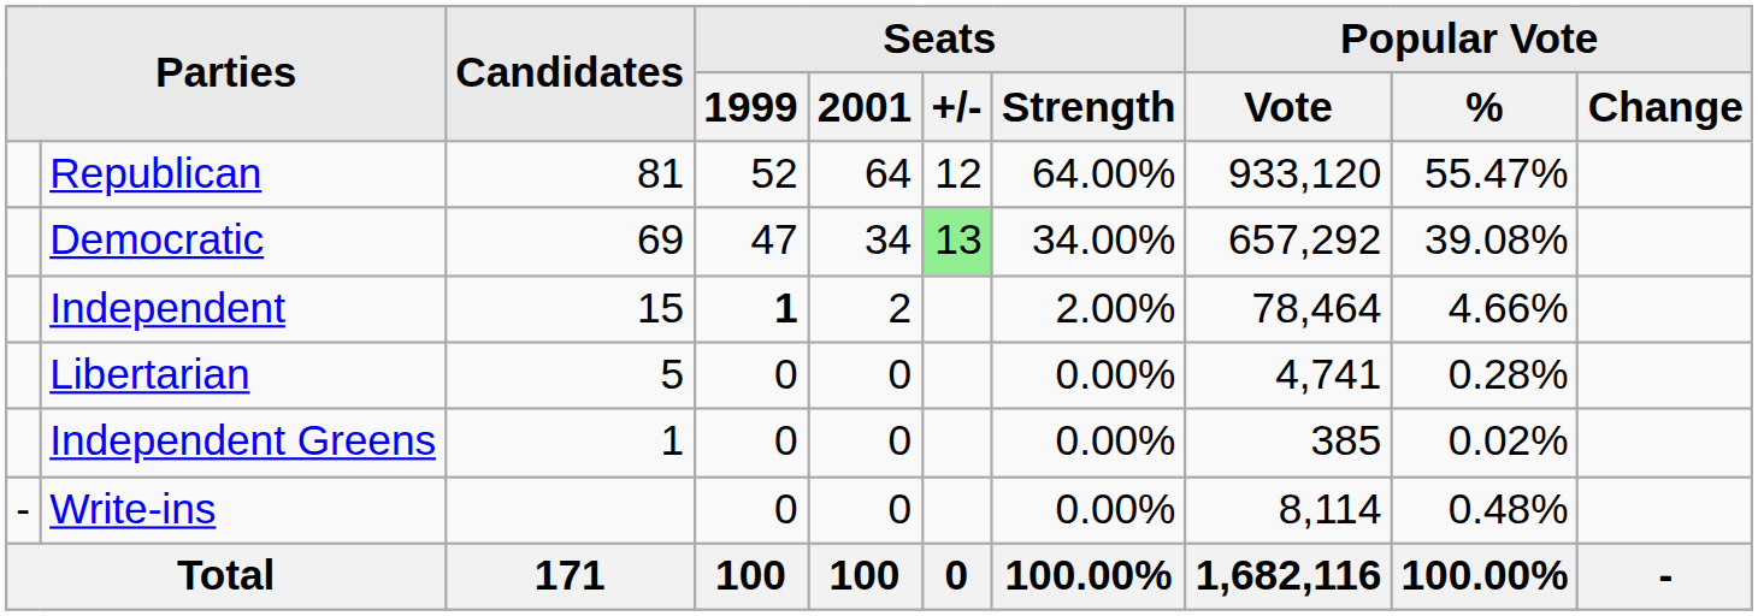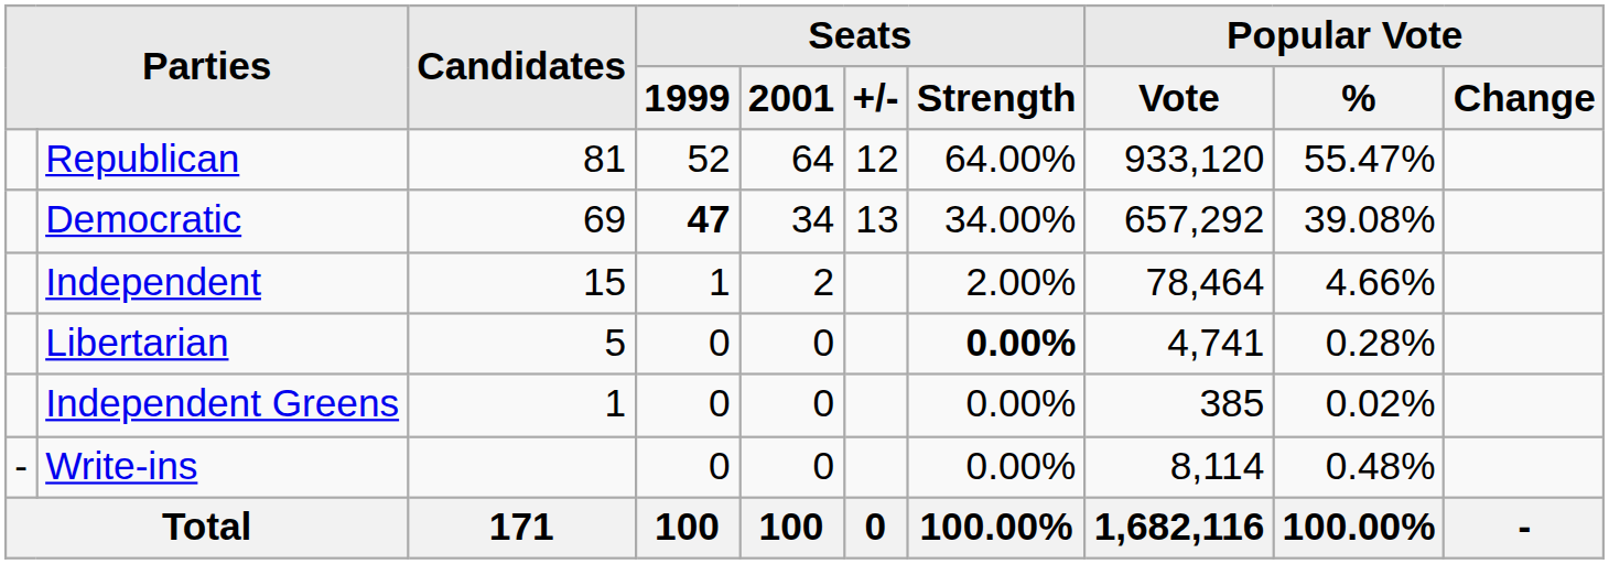 <table class="wikitable">
 <tr>
 <th colspan="2" rowspan="2" align="center" style="background-color:#E9E9E9">Parties</th>
 <th rowspan="2" align="center" style="background-color:#E9E9E9">Candidates</th>
 <th colspan="4" align="center" style="background-color:#E9E9E9">Seats</th>
 <th colspan="3" align="center" style="background-color:#E9E9E9">Popular Vote</th>
 </tr>
 <tr>
 <th align="center">1999</th>
 <th align="center">2001</th>
 <th align="center">+/-</th>
 <th align="center">Strength</th>
 <th align="center">Vote</th>
 <th align="center">%</th>
 <th align="center">Change</th>
 </tr>
 <tr>
 <td></td>
 <td align="left"><a href='#'>Republican</a></td>
 <td align="right">81</td>
 <td align="right" >52</td>
 <td align="right" >64</td>
 <td align="right"> 12</td>
 <td align="right" >64.00%</td>
 <td align="right" >933,120</td>
 <td align="right" >55.47%</td>
 <td align="right"></td>
 </tr>
 <tr>
 <td></td>
 <td align="left"><a href='#'>Democratic</a></td>
 <td align="right">69</td>
-<td align="right">47</td>
+<td align="right"><strong>47</strong></td>
 <td align="right">34</td>
-<td align="right" style="background: lightgreen;"> 13</td>
+<td align="right"> 13</td>
 <td align="right">34.00%</td>
 <td align="right">657,292</td>
 <td align="right">39.08%</td>
 <td align="right"></td>
 </tr>
 <tr>
 <td></td>
 <td><a href='#'>Independent</a></td>
 <td align="right">15</td>
-<td align="right"><strong>1</strong></td>
+<td align="right">1</td>
 <td align="right">2</td>
 <td align="right"></td>
 <td align="right">2.00%</td>
 <td align="right">78,464</td>
 <td align="right">4.66%</td>
 <td align="right"></td>
 </tr>
 <tr>
 <td></td>
 <td><a href='#'>Libertarian</a></td>
 <td align="right">5</td>
 <td align="right">0</td>
 <td align="right">0</td>
 <td align="right"></td>
-<td align="right">0.00%</td>
+<td align="right"><strong>0.00%</strong></td>
 <td align="right">4,741</td>
 <td align="right">0.28%</td>
 <td align="right"></td>
 </tr>
 <tr>
 <td></td>
 <td><a href='#'>Independent Greens</a></td>
 <td align="right">1</td>
 <td align="right">0</td>
 <td align="right">0</td>
 <td align="right"></td>
 <td align="right">0.00%</td>
 <td align="right">385</td>
 <td align="right">0.02%</td>
 <td align="right"></td>
 </tr>
 <tr>
 <td>-</td>
 <td><a href='#'>Write-ins</a></td>
 <td align="right"></td>
 <td align="right">0</td>
 <td align="right">0</td>
 <td align="right"></td>
 <td align="right">0.00%</td>
 <td align="right">8,114</td>
 <td align="right">0.48%</td>
 <td align="right"></td>
 </tr>
 <tr>
 <th colspan="2" align="center">Total</th>
 <th align="center">171</th>
 <th align="center">100</th>
 <th align="center">100</th>
 <th align="center">0</th>
 <th align="center">100.00%</th>
 <th align="center">1,682,116</th>
 <th align="center">100.00%</th>
 <th align="center">-</th>
 </tr>
 </table>
